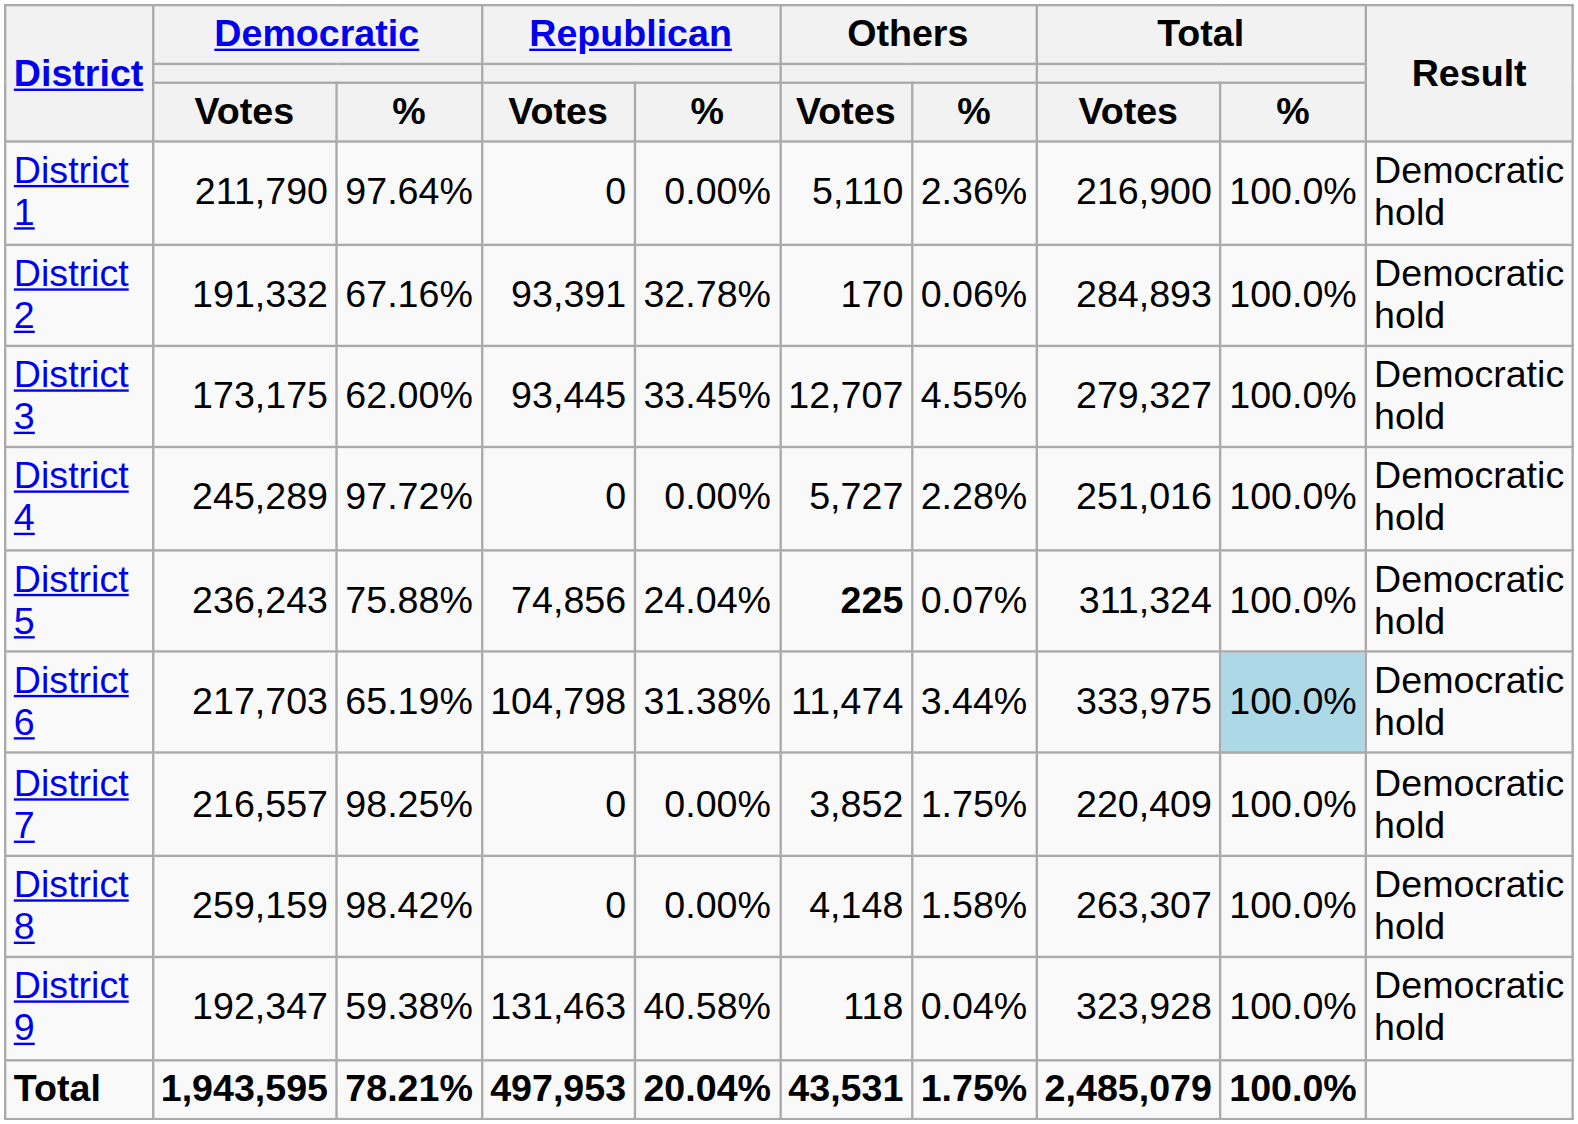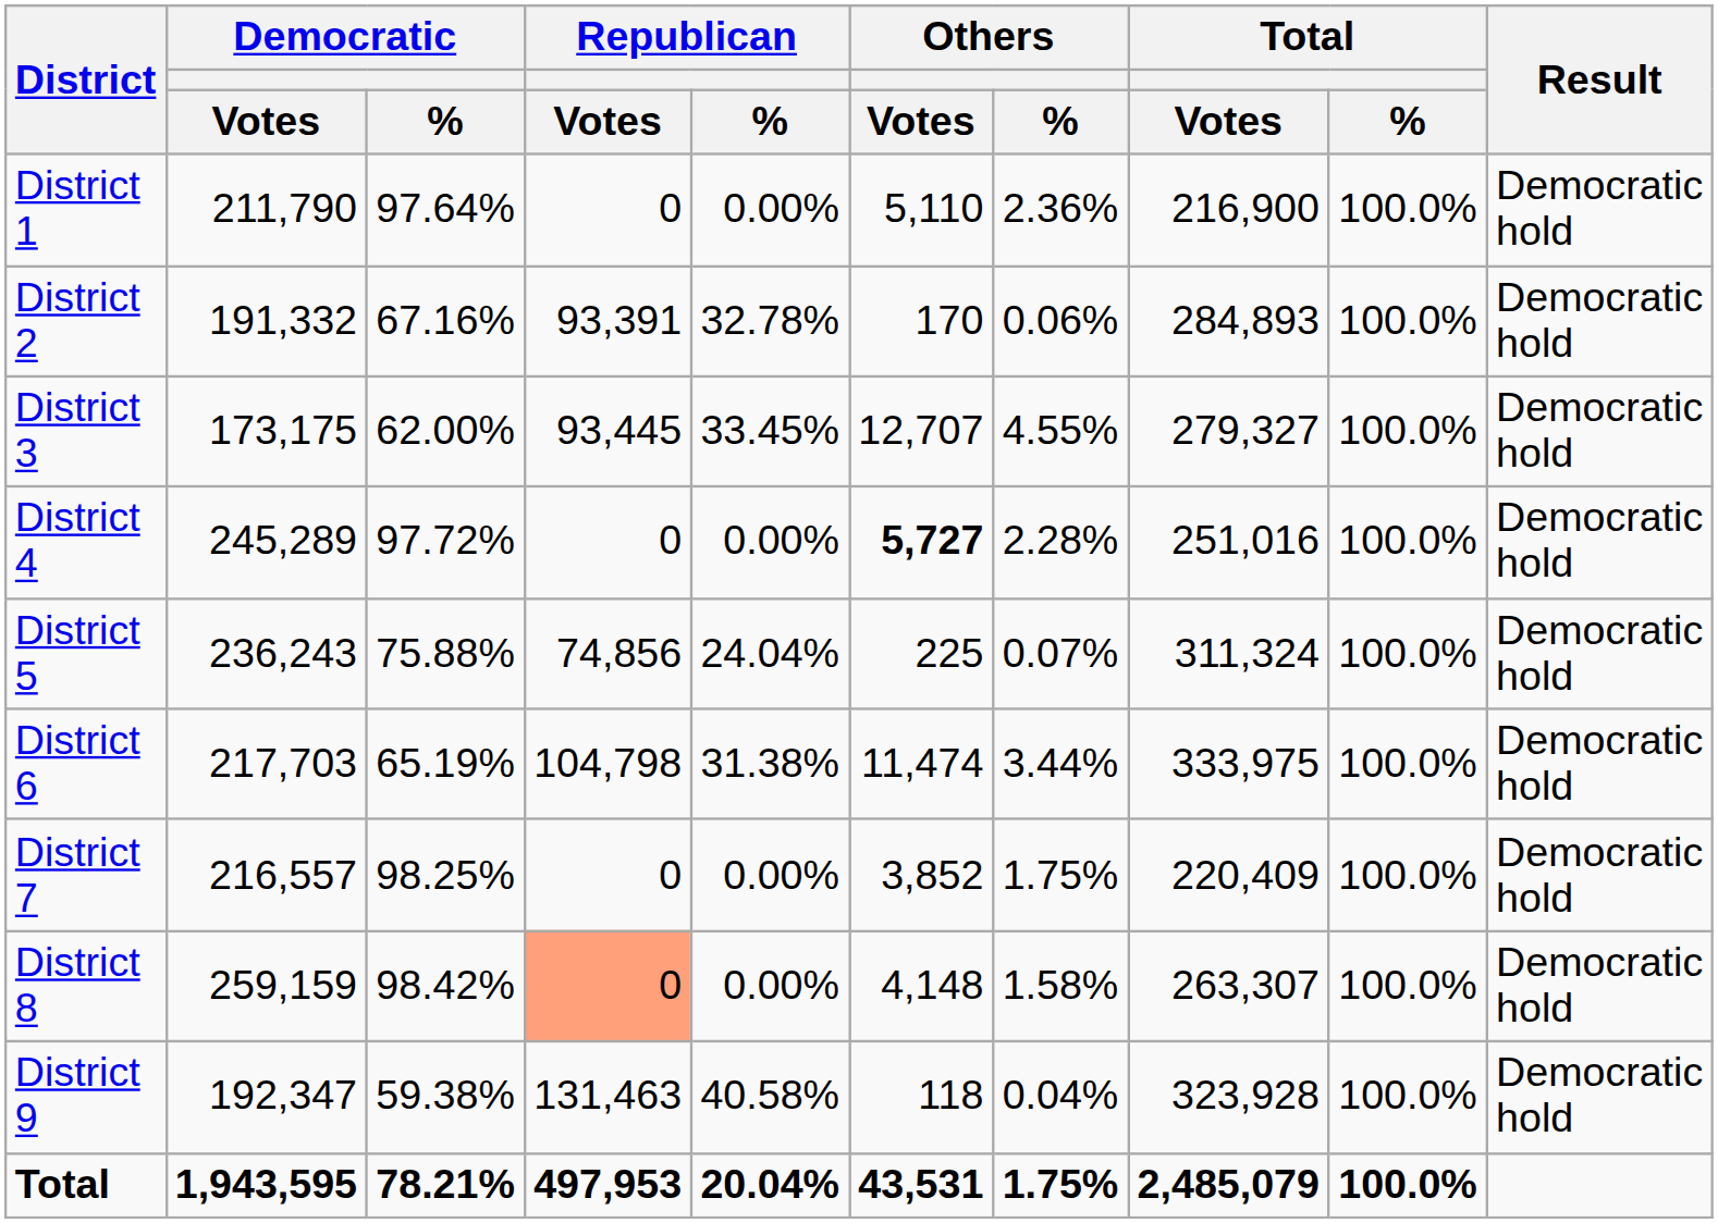 <table class="wikitable plainrowheaders sortable" style="font-size:100%; text-align:right;">
 <tr>
 <th scope=col rowspan=3><a href='#'>District</a></th>
 <th scope=col colspan=2><a href='#'>Democratic</a></th>
 <th scope=col colspan=2><a href='#'>Republican</a></th>
 <th scope=col colspan=2>Others</th>
 <th scope=col colspan=2>Total</th>
 <th scope=col rowspan=3>Result</th>
 </tr>
 <tr>
 <th scope=col colspan=2 style="background:"></th>
 <th scope=col colspan=2 style="background:"></th>
 <th scope=col colspan=2></th>
 <th scope=col colspan=2></th>
 </tr>
 <tr>
 <th scope=col data-sort-type="number">Votes</th>
 <th scope=col data-sort-type="number">%</th>
 <th scope=col data-sort-type="number">Votes</th>
 <th scope=col data-sort-type="number">%</th>
 <th scope=col data-sort-type="number">Votes</th>
 <th scope=col data-sort-type="number">%</th>
 <th scope=col data-sort-type="number">Votes</th>
 <th scope=col data-sort-type="number">%</th>
 </tr>
 <tr>
 <td align=left><a href='#'>District 1</a></td>
 <td>211,790</td>
 <td>97.64%</td>
 <td>0</td>
 <td>0.00%</td>
 <td>5,110</td>
 <td>2.36%</td>
 <td>216,900</td>
 <td>100.0%</td>
 <td align=left>Democratic hold</td>
 </tr>
 <tr>
 <td align=left><a href='#'>District 2</a></td>
 <td>191,332</td>
 <td>67.16%</td>
 <td>93,391</td>
 <td>32.78%</td>
 <td>170</td>
 <td>0.06%</td>
 <td>284,893</td>
 <td>100.0%</td>
 <td align=left>Democratic hold</td>
 </tr>
 <tr>
 <td align=left><a href='#'>District 3</a></td>
 <td>173,175</td>
 <td>62.00%</td>
 <td>93,445</td>
 <td>33.45%</td>
 <td>12,707</td>
 <td>4.55%</td>
 <td>279,327</td>
 <td>100.0%</td>
 <td align=left>Democratic hold</td>
 </tr>
 <tr>
 <td align=left><a href='#'>District 4</a></td>
 <td>245,289</td>
 <td>97.72%</td>
 <td>0</td>
 <td>0.00%</td>
-<td>5,727</td>
+<td><strong>5,727</strong></td>
 <td>2.28%</td>
 <td>251,016</td>
 <td>100.0%</td>
 <td align=left>Democratic hold</td>
 </tr>
 <tr>
 <td align=left><a href='#'>District 5</a></td>
 <td>236,243</td>
 <td>75.88%</td>
 <td>74,856</td>
 <td>24.04%</td>
-<td><strong>225</strong></td>
+<td>225</td>
 <td>0.07%</td>
 <td>311,324</td>
 <td>100.0%</td>
 <td align=left>Democratic hold</td>
 </tr>
 <tr>
 <td align=left><a href='#'>District 6</a></td>
 <td>217,703</td>
 <td>65.19%</td>
 <td>104,798</td>
 <td>31.38%</td>
 <td>11,474</td>
 <td>3.44%</td>
 <td>333,975</td>
-<td style="background: lightblue;">100.0%</td>
+<td>100.0%</td>
 <td align=left>Democratic hold</td>
 </tr>
 <tr>
 <td align=left><a href='#'>District 7</a></td>
 <td>216,557</td>
 <td>98.25%</td>
 <td>0</td>
 <td>0.00%</td>
 <td>3,852</td>
 <td>1.75%</td>
 <td>220,409</td>
 <td>100.0%</td>
 <td align=left>Democratic hold</td>
 </tr>
 <tr>
 <td align=left><a href='#'>District 8</a></td>
 <td>259,159</td>
 <td>98.42%</td>
-<td>0</td>
+<td style="background: lightsalmon;">0</td>
 <td>0.00%</td>
 <td>4,148</td>
 <td>1.58%</td>
 <td>263,307</td>
 <td>100.0%</td>
 <td align=left>Democratic hold</td>
 </tr>
 <tr>
 <td align=left><a href='#'>District 9</a></td>
 <td>192,347</td>
 <td>59.38%</td>
 <td>131,463</td>
 <td>40.58%</td>
 <td>118</td>
 <td>0.04%</td>
 <td>323,928</td>
 <td>100.0%</td>
 <td align=left>Democratic hold</td>
 </tr>
 <tr class="sortbottom" style="font-weight:bold">
 <td align=left>Total</td>
 <td>1,943,595</td>
 <td>78.21%</td>
 <td>497,953</td>
 <td>20.04%</td>
 <td>43,531</td>
 <td>1.75%</td>
 <td>2,485,079</td>
 <td>100.0%</td>
 <td></td>
 </tr>
 </table>
